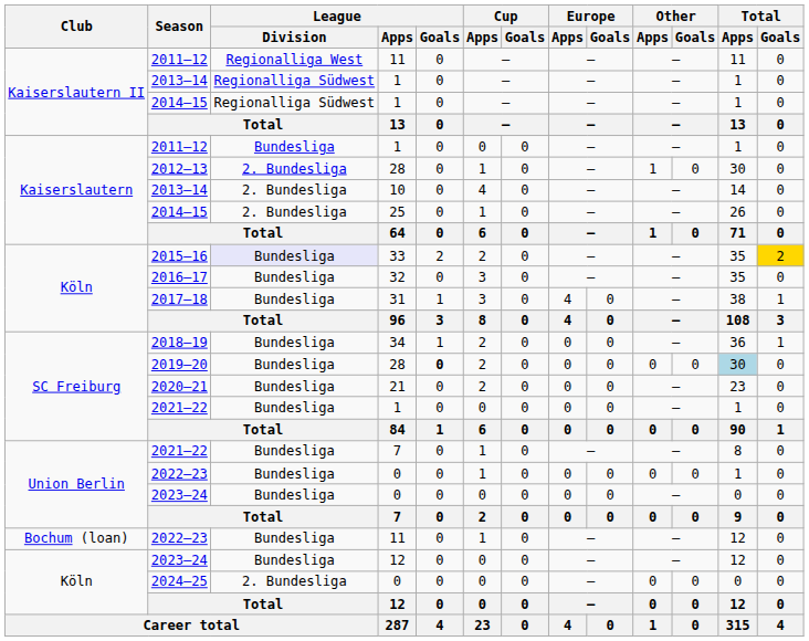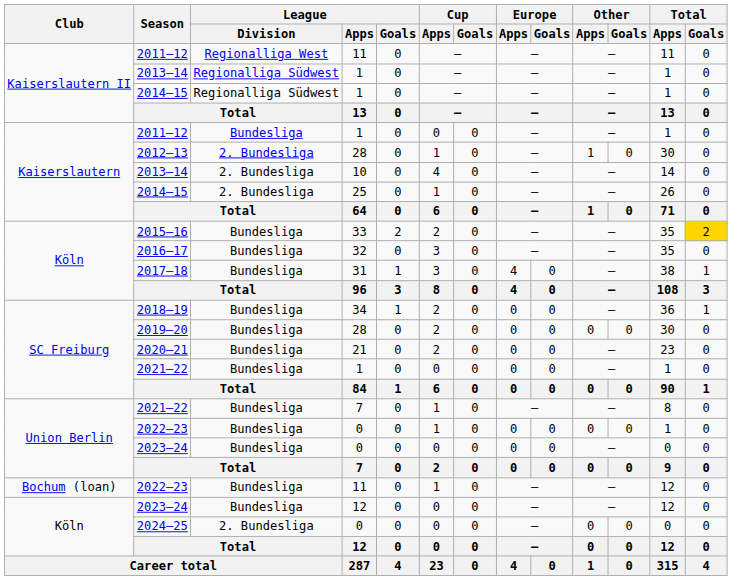 <table class="wikitable" style="text-align: center;">
 <tr>
 <th rowspan="2">Club</th>
 <th rowspan="2">Season</th>
 <th colspan="3">League</th>
 <th colspan="2">Cup</th>
 <th colspan="2">Europe</th>
 <th colspan="2">Other</th>
 <th colspan="2">Total</th>
 </tr>
 <tr>
 <th>Division</th>
 <th>Apps</th>
 <th>Goals</th>
 <th>Apps</th>
 <th>Goals</th>
 <th>Apps</th>
 <th>Goals</th>
 <th>Apps</th>
 <th>Goals</th>
 <th>Apps</th>
 <th>Goals</th>
 </tr>
 <tr>
 <td rowspan="4"><a href='#'>Kaiserslautern II</a></td>
 <td><a href='#'>2011–12</a></td>
 <td><a href='#'>Regionalliga West</a></td>
 <td>11</td>
 <td>0</td>
 <td colspan="2">—</td>
 <td colspan="2">—</td>
 <td colspan="2">—</td>
 <td>11</td>
 <td>0</td>
 </tr>
 <tr>
 <td><a href='#'>2013–14</a></td>
 <td><a href='#'>Regionalliga Südwest</a></td>
 <td>1</td>
 <td>0</td>
 <td colspan="2">—</td>
 <td colspan="2">—</td>
 <td colspan="2">—</td>
 <td>1</td>
 <td>0</td>
 </tr>
 <tr>
 <td><a href='#'>2014–15</a></td>
 <td>Regionalliga Südwest</td>
 <td>1</td>
 <td>0</td>
 <td colspan="2">—</td>
 <td colspan="2">—</td>
 <td colspan="2">—</td>
 <td>1</td>
 <td>0</td>
 </tr>
 <tr>
 <th colspan="2">Total</th>
 <th>13</th>
 <th>0</th>
 <th colspan="2">—</th>
 <th colspan="2">—</th>
 <th colspan="2">—</th>
 <th>13</th>
 <th>0</th>
 </tr>
 <tr>
 <td rowspan="5"><a href='#'>Kaiserslautern</a></td>
 <td><a href='#'>2011–12</a></td>
 <td><a href='#'>Bundesliga</a></td>
 <td>1</td>
 <td>0</td>
 <td>0</td>
 <td>0</td>
 <td colspan="2">—</td>
 <td colspan="2">—</td>
 <td>1</td>
 <td>0</td>
 </tr>
 <tr>
 <td><a href='#'>2012–13</a></td>
 <td><a href='#'>2. Bundesliga</a></td>
 <td>28</td>
 <td>0</td>
 <td>1</td>
 <td>0</td>
 <td colspan="2">—</td>
 <td>1</td>
 <td>0</td>
 <td>30</td>
 <td>0</td>
 </tr>
 <tr>
 <td><a href='#'>2013–14</a></td>
 <td>2. Bundesliga</td>
 <td>10</td>
 <td>0</td>
 <td>4</td>
 <td>0</td>
 <td colspan="2">—</td>
 <td colspan="2">—</td>
 <td>14</td>
 <td>0</td>
 </tr>
 <tr>
 <td><a href='#'>2014–15</a></td>
 <td>2. Bundesliga</td>
 <td>25</td>
 <td>0</td>
 <td>1</td>
 <td>0</td>
 <td colspan="2">—</td>
 <td colspan="2">—</td>
 <td>26</td>
 <td>0</td>
 </tr>
 <tr>
 <th colspan="2">Total</th>
 <th>64</th>
 <th>0</th>
 <th>6</th>
 <th>0</th>
 <th colspan="2">—</th>
 <th>1</th>
 <th>0</th>
 <th>71</th>
 <th>0</th>
 </tr>
 <tr>
 <td rowspan="4"><a href='#'>Köln</a></td>
 <td><a href='#'>2015–16</a></td>
-<td style="background: lavender;">Bundesliga</td>
+<td>Bundesliga</td>
 <td>33</td>
 <td>2</td>
 <td>2</td>
 <td>0</td>
 <td colspan="2">—</td>
 <td colspan="2">—</td>
 <td>35</td>
 <td style="background: gold;">2</td>
 </tr>
 <tr>
 <td><a href='#'>2016–17</a></td>
 <td>Bundesliga</td>
 <td>32</td>
 <td>0</td>
 <td>3</td>
 <td>0</td>
 <td colspan="2">—</td>
 <td colspan="2">—</td>
 <td>35</td>
 <td>0</td>
 </tr>
 <tr>
 <td><a href='#'>2017–18</a></td>
 <td>Bundesliga</td>
 <td>31</td>
 <td>1</td>
 <td>3</td>
 <td>0</td>
 <td>4</td>
 <td>0</td>
 <td colspan="2">—</td>
 <td>38</td>
 <td>1</td>
 </tr>
 <tr>
 <th colspan="2">Total</th>
 <th>96</th>
 <th>3</th>
 <th>8</th>
 <th>0</th>
 <th>4</th>
 <th>0</th>
 <th colspan="2">—</th>
 <th>108</th>
 <th>3</th>
 </tr>
 <tr>
 <td rowspan="5"><a href='#'>SC Freiburg</a></td>
 <td><a href='#'>2018–19</a></td>
 <td>Bundesliga</td>
 <td>34</td>
 <td>1</td>
 <td>2</td>
 <td>0</td>
 <td>0</td>
 <td>0</td>
 <td colspan="2">—</td>
 <td>36</td>
 <td>1</td>
 </tr>
 <tr>
 <td><a href='#'>2019–20</a></td>
 <td>Bundesliga</td>
 <td>28</td>
-<td><strong>0</strong></td>
+<td>0</td>
 <td>2</td>
 <td>0</td>
 <td>0</td>
 <td>0</td>
 <td>0</td>
 <td>0</td>
-<td style="background: lightblue;">30</td>
+<td>30</td>
 <td>0</td>
 </tr>
 <tr>
 <td><a href='#'>2020–21</a></td>
 <td>Bundesliga</td>
 <td>21</td>
 <td>0</td>
 <td>2</td>
 <td>0</td>
 <td>0</td>
 <td>0</td>
 <td colspan="2">—</td>
 <td>23</td>
 <td>0</td>
 </tr>
 <tr>
 <td><a href='#'>2021–22</a></td>
 <td>Bundesliga</td>
 <td>1</td>
 <td>0</td>
 <td>0</td>
 <td>0</td>
 <td>0</td>
 <td>0</td>
 <td colspan="2">—</td>
 <td>1</td>
 <td>0</td>
 </tr>
 <tr>
 <th colspan="2">Total</th>
 <th>84</th>
 <th>1</th>
 <th>6</th>
 <th>0</th>
 <th>0</th>
 <th>0</th>
 <th>0</th>
 <th>0</th>
 <th>90</th>
 <th>1</th>
 </tr>
 <tr>
 <td rowspan="4"><a href='#'>Union Berlin</a></td>
 <td><a href='#'>2021–22</a></td>
 <td>Bundesliga</td>
 <td>7</td>
 <td>0</td>
 <td>1</td>
 <td>0</td>
 <td colspan="2">—</td>
 <td colspan="2">—</td>
 <td>8</td>
 <td>0</td>
 </tr>
 <tr>
 <td><a href='#'>2022–23</a></td>
 <td>Bundesliga</td>
 <td>0</td>
 <td>0</td>
 <td>1</td>
 <td>0</td>
 <td>0</td>
 <td>0</td>
 <td>0</td>
 <td>0</td>
 <td>1</td>
 <td>0</td>
 </tr>
 <tr>
 <td><a href='#'>2023–24</a></td>
 <td>Bundesliga</td>
 <td>0</td>
 <td>0</td>
 <td>0</td>
 <td>0</td>
 <td>0</td>
 <td>0</td>
 <td colspan="2">—</td>
 <td>0</td>
 <td>0</td>
 </tr>
 <tr>
 <th colspan="2">Total</th>
 <th>7</th>
 <th>0</th>
 <th>2</th>
 <th>0</th>
 <th>0</th>
 <th>0</th>
 <th>0</th>
 <th>0</th>
 <th>9</th>
 <th>0</th>
 </tr>
 <tr>
 <td><a href='#'>Bochum</a> (loan)</td>
 <td><a href='#'>2022–23</a></td>
 <td>Bundesliga</td>
 <td>11</td>
 <td>0</td>
 <td>1</td>
 <td>0</td>
 <td colspan="2">—</td>
 <td colspan="2">—</td>
 <td>12</td>
 <td>0</td>
 </tr>
 <tr>
 <td rowspan="3">Köln</td>
 <td><a href='#'>2023–24</a></td>
 <td>Bundesliga</td>
 <td>12</td>
 <td>0</td>
 <td>0</td>
 <td>0</td>
 <td colspan="2">—</td>
 <td colspan="2">—</td>
 <td>12</td>
 <td>0</td>
 </tr>
 <tr>
 <td><a href='#'>2024–25</a></td>
 <td>2. Bundesliga</td>
 <td>0</td>
 <td>0</td>
 <td>0</td>
 <td>0</td>
 <td colspan="2">—</td>
 <td>0</td>
 <td>0</td>
 <td>0</td>
 <td>0</td>
 </tr>
 <tr>
 <th colspan="2">Total</th>
 <th>12</th>
 <th>0</th>
 <th>0</th>
 <th>0</th>
 <th colspan="2">—</th>
 <th>0</th>
 <th>0</th>
 <th>12</th>
 <th>0</th>
 </tr>
 <tr>
 <th colspan="3">Career total</th>
 <th>287</th>
 <th>4</th>
 <th>23</th>
 <th>0</th>
 <th>4</th>
 <th>0</th>
 <th>1</th>
 <th>0</th>
 <th>315</th>
 <th>4</th>
 </tr>
 </table>
